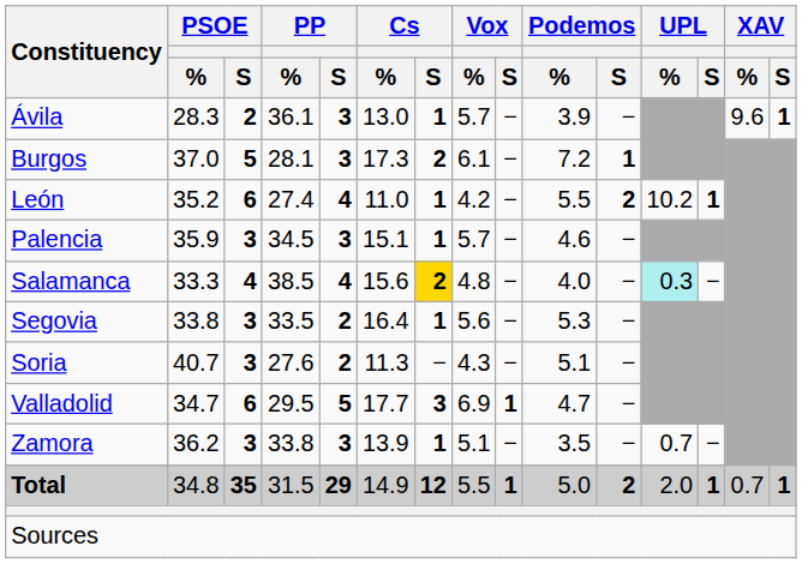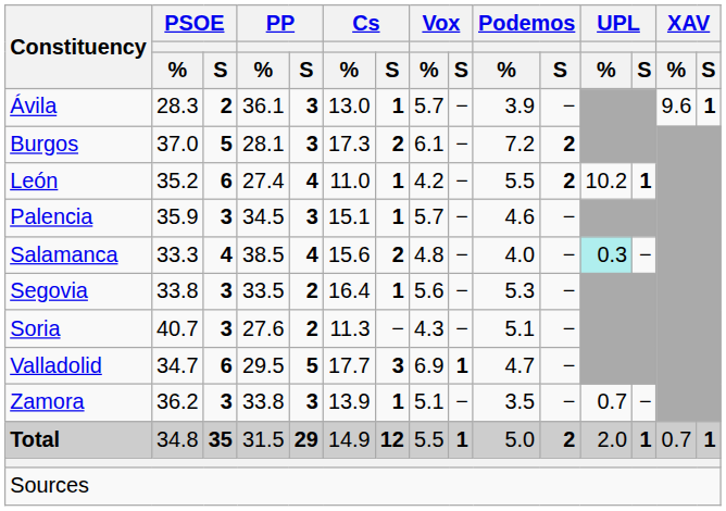 <table class="wikitable sortable" style="text-align:right; line-height:20px;">
 <tr>
 <th rowspan="3">Constituency</th>
 <th colspan="2" width="30px" class="unsortable"><a href='#'>PSOE</a></th>
 <th colspan="2" width="30px" class="unsortable"><a href='#'>PP</a></th>
 <th colspan="2" width="30px" class="unsortable"><a href='#'>Cs</a></th>
 <th colspan="2" width="30px" class="unsortable"><a href='#'>Vox</a></th>
 <th colspan="2" width="30px" class="unsortable"><a href='#'>Podemos</a></th>
 <th colspan="2" width="30px" class="unsortable"><a href='#'>UPL</a></th>
 <th colspan="2" width="30px" class="unsortable"><a href='#'>XAV</a></th>
 </tr>
 <tr>
 <th colspan="2" style="background:"></th>
 <th colspan="2" style="background:"></th>
 <th colspan="2" style="background:"></th>
 <th colspan="2" style="background:"></th>
 <th colspan="2" style="background:"></th>
 <th colspan="2" style="background:"></th>
 <th colspan="2" style="background:"></th>
 </tr>
 <tr>
 <th data-sort-type="number">%</th>
 <th data-sort-type="number">S</th>
 <th data-sort-type="number">%</th>
 <th data-sort-type="number">S</th>
 <th data-sort-type="number">%</th>
 <th data-sort-type="number">S</th>
 <th data-sort-type="number">%</th>
 <th data-sort-type="number">S</th>
 <th data-sort-type="number">%</th>
 <th data-sort-type="number">S</th>
 <th data-sort-type="number">%</th>
 <th data-sort-type="number">S</th>
 <th data-sort-type="number">%</th>
 <th data-sort-type="number">S</th>
 </tr>
 <tr>
 <td align="left"><a href='#'>Ávila</a></td>
 <td>28.3</td>
 <td><strong>2</strong></td>
 <td style="background:">36.1</td>
 <td><strong>3</strong></td>
 <td>13.0</td>
 <td><strong>1</strong></td>
 <td>5.7</td>
 <td>−</td>
 <td>3.9</td>
 <td>−</td>
 <td colspan="2" rowspan="2" bgcolor="#AAAAAA"></td>
 <td>9.6</td>
 <td><strong>1</strong></td>
 </tr>
 <tr>
 <td align="left"><a href='#'>Burgos</a></td>
 <td style="background:">37.0</td>
 <td><strong>5</strong></td>
 <td>28.1</td>
 <td><strong>3</strong></td>
 <td>17.3</td>
 <td><strong>2</strong></td>
 <td>6.1</td>
 <td>−</td>
 <td>7.2</td>
-<td><strong>1</strong></td>
+<td><strong>2</strong></td>
 <td colspan="2" rowspan="8" bgcolor="#AAAAAA"></td>
 </tr>
 <tr>
 <td align="left"><a href='#'>León</a></td>
 <td style="background:">35.2</td>
 <td><strong>6</strong></td>
 <td>27.4</td>
 <td><strong>4</strong></td>
 <td>11.0</td>
 <td><strong>1</strong></td>
 <td>4.2</td>
 <td>−</td>
 <td>5.5</td>
 <td><strong>2</strong></td>
 <td>10.2</td>
 <td><strong>1</strong></td>
 </tr>
 <tr>
 <td align="left"><a href='#'>Palencia</a></td>
 <td style="background:">35.9</td>
 <td><strong>3</strong></td>
 <td>34.5</td>
 <td><strong>3</strong></td>
 <td>15.1</td>
 <td><strong>1</strong></td>
 <td>5.7</td>
 <td>−</td>
 <td>4.6</td>
 <td>−</td>
 <td colspan="2" bgcolor="#AAAAAA"></td>
 </tr>
 <tr>
 <td align="left"><a href='#'>Salamanca</a></td>
 <td>33.3</td>
 <td><strong>4</strong></td>
 <td style="background:">38.5</td>
 <td><strong>4</strong></td>
 <td>15.6</td>
-<td style="background: gold;"><strong>2</strong></td>
+<td><strong>2</strong></td>
 <td>4.8</td>
 <td>−</td>
 <td>4.0</td>
 <td>−</td>
 <td style="background: paleturquoise;">0.3</td>
 <td>−</td>
 </tr>
 <tr>
 <td align="left"><a href='#'>Segovia</a></td>
 <td style="background:">33.8</td>
 <td><strong>3</strong></td>
 <td>33.5</td>
 <td><strong>2</strong></td>
 <td>16.4</td>
 <td><strong>1</strong></td>
 <td>5.6</td>
 <td>−</td>
 <td>5.3</td>
 <td>−</td>
 <td colspan="2" rowspan="3" bgcolor="#AAAAAA"></td>
 </tr>
 <tr>
 <td align="left"><a href='#'>Soria</a></td>
 <td style="background:">40.7</td>
 <td><strong>3</strong></td>
 <td>27.6</td>
 <td><strong>2</strong></td>
 <td>11.3</td>
 <td>−</td>
 <td>4.3</td>
 <td>−</td>
 <td>5.1</td>
 <td>−</td>
 </tr>
 <tr>
 <td align="left"><a href='#'>Valladolid</a></td>
 <td style="background:">34.7</td>
 <td><strong>6</strong></td>
 <td>29.5</td>
 <td><strong>5</strong></td>
 <td>17.7</td>
 <td><strong>3</strong></td>
 <td>6.9</td>
 <td><strong>1</strong></td>
 <td>4.7</td>
 <td>−</td>
 </tr>
 <tr>
 <td align="left"><a href='#'>Zamora</a></td>
 <td style="background:">36.2</td>
 <td><strong>3</strong></td>
 <td>33.8</td>
 <td><strong>3</strong></td>
 <td>13.9</td>
 <td><strong>1</strong></td>
 <td>5.1</td>
 <td>−</td>
 <td>3.5</td>
 <td>−</td>
 <td>0.7</td>
 <td>−</td>
 </tr>
 <tr style="background:#CDCDCD;">
 <td align="left"><strong>Total</strong></td>
 <td style="background:">34.8</td>
 <td><strong>35</strong></td>
 <td>31.5</td>
 <td><strong>29</strong></td>
 <td>14.9</td>
 <td><strong>12</strong></td>
 <td>5.5</td>
 <td><strong>1</strong></td>
 <td>5.0</td>
 <td><strong>2</strong></td>
 <td>2.0</td>
 <td><strong>1</strong></td>
 <td>0.7</td>
 <td><strong>1</strong></td>
 </tr>
 <tr>
 <th colspan="15"></th>
 </tr>
 <tr>
 <th style="text-align:left; font-weight:normal; background:#F9F9F9" colspan="15">Sources</th>
 </tr>
 </table>
